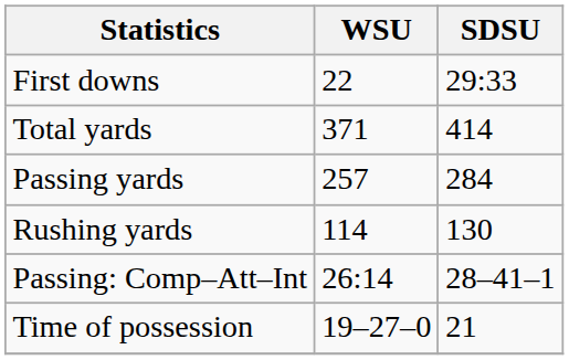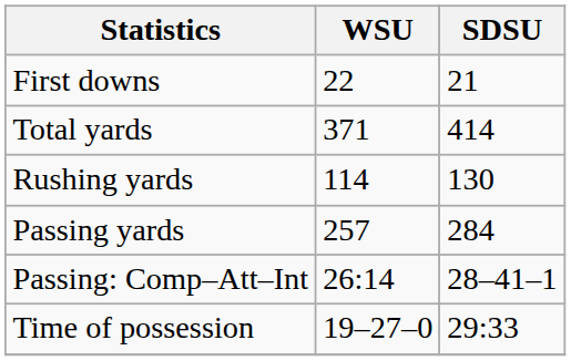 <table class="wikitable" style="float: left;">
 <tr>
 <th>Statistics</th>
 <th>WSU</th>
 <th>SDSU</th>
 </tr>
 <tr>
 <td>First downs</td>
 <td>22</td>
-<td>29:33</td>
+<td>21</td>
 </tr>
 <tr>
 <td>Total yards</td>
 <td>371</td>
 <td>414</td>
 </tr>
 <tr>
+<td>Rushing yards</td>
+<td>114</td>
+<td>130</td>
+</tr>
+<tr>
 <td>Passing yards</td>
 <td>257</td>
 <td>284</td>
-</tr>
-<tr>
-<td>Rushing yards</td>
-<td>114</td>
-<td>130</td>
 </tr>
 <tr>
 <td>Passing: Comp–Att–Int</td>
 <td>26:14</td>
 <td>28–41–1</td>
 </tr>
 <tr>
 <td>Time of possession</td>
 <td>19–27–0</td>
-<td>21</td>
+<td>29:33</td>
 </tr>
 <tr>
 </tr>
 </table>
